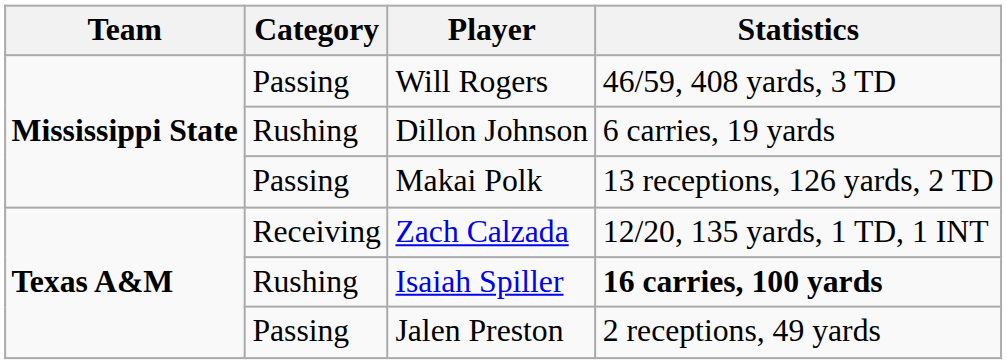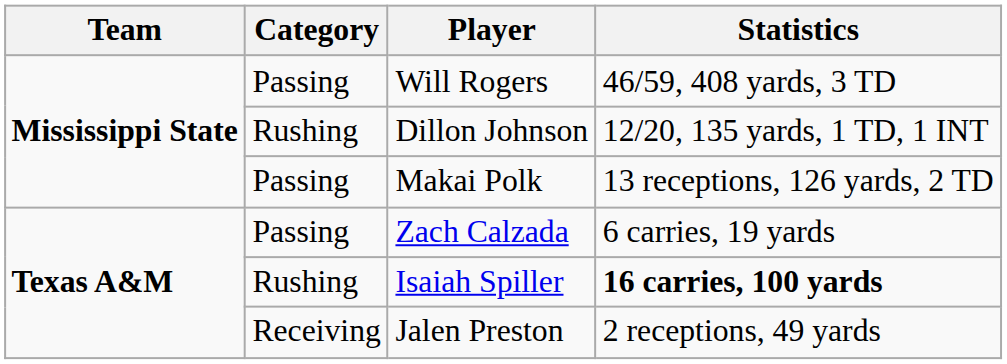 <table class="wikitable" style="float: right;">
 <tr>
 <th>Team</th>
 <th>Category</th>
 <th>Player</th>
 <th>Statistics</th>
 </tr>
 <tr>
 <td rowspan=3><strong>Mississippi State</strong></td>
 <td>Passing</td>
 <td>Will Rogers</td>
 <td>46/59, 408 yards, 3 TD</td>
 </tr>
 <tr>
 <td>Rushing</td>
 <td>Dillon Johnson</td>
-<td>6 carries, 19 yards</td>
+<td>12/20, 135 yards, 1 TD, 1 INT</td>
 </tr>
 <tr>
 <td>Passing</td>
 <td>Makai Polk</td>
 <td>13 receptions, 126 yards, 2 TD</td>
 </tr>
 <tr>
 <td rowspan=3><strong>Texas A&M</strong></td>
-<td>Receiving</td>
+<td>Passing</td>
 <td><a href='#'>Zach Calzada</a></td>
-<td>12/20, 135 yards, 1 TD, 1 INT</td>
+<td>6 carries, 19 yards</td>
 </tr>
 <tr>
 <td>Rushing</td>
 <td><a href='#'>Isaiah Spiller</a></td>
 <td><strong>16 carries, 100 yards</strong></td>
 </tr>
 <tr>
-<td>Passing</td>
+<td>Receiving</td>
 <td>Jalen Preston</td>
 <td>2 receptions, 49 yards</td>
 </tr>
 </table>
